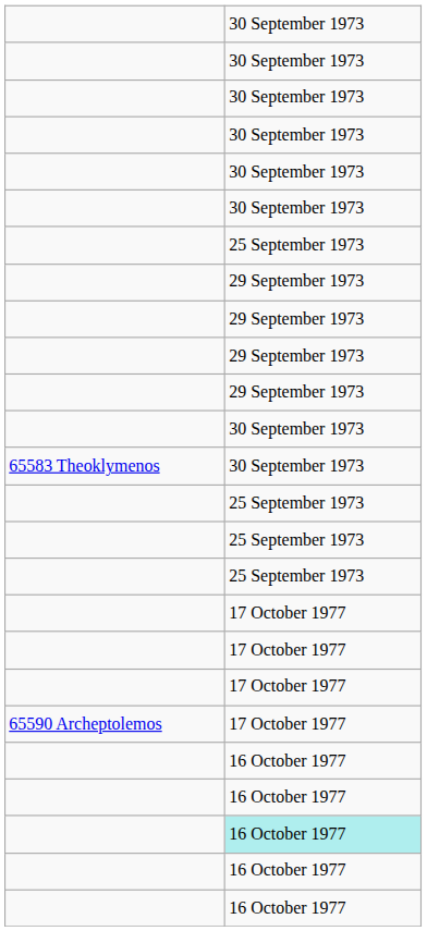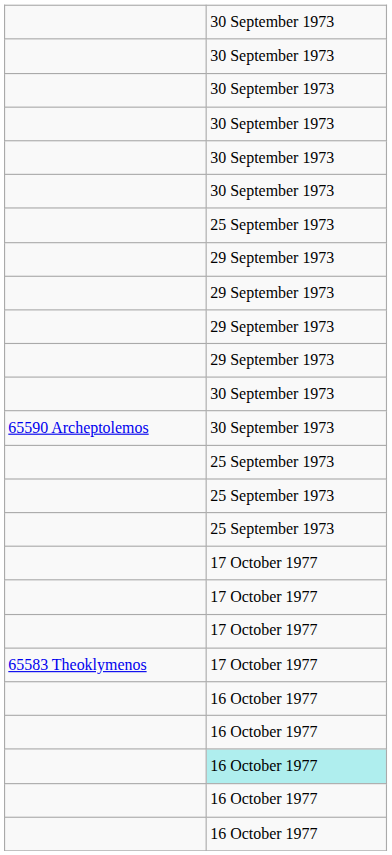 <table class="wikitable" style="font-size: 89%; float: left; width: 24em; margin-right: 1em; line-height: 1.65em">
 <tr>
 <td></td>
 <td>30 September 1973</td>
 </tr>
 <tr>
 <td></td>
 <td>30 September 1973</td>
 </tr>
 <tr>
 <td></td>
 <td>30 September 1973</td>
 </tr>
 <tr>
 <td></td>
 <td>30 September 1973</td>
 </tr>
 <tr>
 <td></td>
 <td>30 September 1973</td>
 </tr>
 <tr>
 <td></td>
 <td>30 September 1973</td>
 </tr>
 <tr>
 <td></td>
 <td>25 September 1973</td>
 </tr>
 <tr>
 <td></td>
 <td>29 September 1973</td>
 </tr>
 <tr>
 <td></td>
 <td>29 September 1973</td>
 </tr>
 <tr>
 <td></td>
 <td>29 September 1973</td>
 </tr>
 <tr>
 <td></td>
 <td>29 September 1973</td>
 </tr>
 <tr>
 <td></td>
 <td>30 September 1973</td>
 </tr>
 <tr>
-<td><a href='#'>65583 Theoklymenos</a></td>
+<td><a href='#'>65590 Archeptolemos</a></td>
 <td>30 September 1973</td>
 </tr>
 <tr>
 <td></td>
 <td>25 September 1973</td>
 </tr>
 <tr>
 <td></td>
 <td>25 September 1973</td>
 </tr>
 <tr>
 <td></td>
 <td>25 September 1973</td>
 </tr>
 <tr>
 <td></td>
 <td>17 October 1977</td>
 </tr>
 <tr>
 <td></td>
 <td>17 October 1977</td>
 </tr>
 <tr>
 <td></td>
 <td>17 October 1977</td>
 </tr>
 <tr>
-<td><a href='#'>65590 Archeptolemos</a></td>
+<td><a href='#'>65583 Theoklymenos</a></td>
 <td>17 October 1977</td>
 </tr>
 <tr>
 <td></td>
 <td>16 October 1977</td>
 </tr>
 <tr>
 <td></td>
 <td>16 October 1977</td>
 </tr>
 <tr>
 <td></td>
 <td style="background: paleturquoise;">16 October 1977</td>
 </tr>
 <tr>
 <td></td>
 <td>16 October 1977</td>
 </tr>
 <tr>
 <td></td>
 <td>16 October 1977</td>
 </tr>
 </table>
